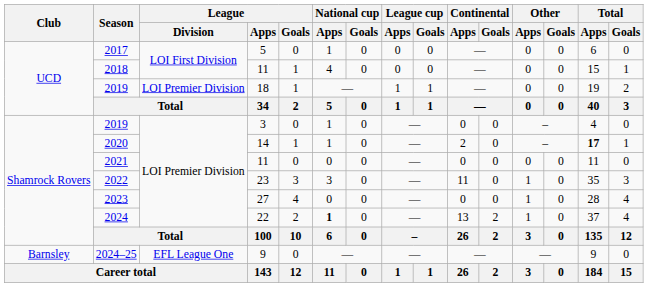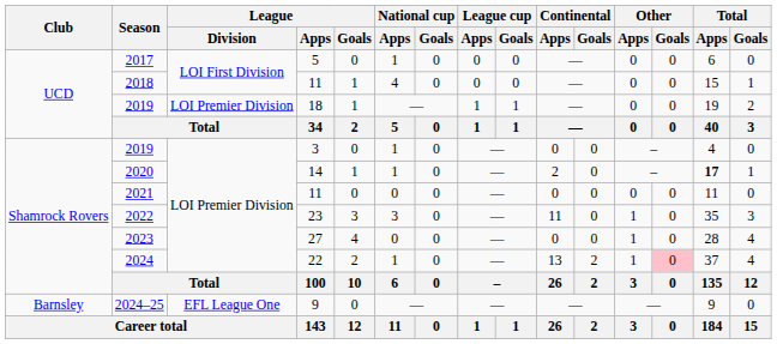 <table class="wikitable" style="text-align: center;">
 <tr>
 <th rowspan="2">Club</th>
 <th rowspan="2">Season</th>
 <th colspan="3">League</th>
 <th colspan="2">National cup</th>
 <th colspan="2">League cup</th>
 <th colspan="2">Continental</th>
 <th colspan="2">Other</th>
 <th colspan="2">Total</th>
 </tr>
 <tr>
 <th>Division</th>
 <th>Apps</th>
 <th>Goals</th>
 <th>Apps</th>
 <th>Goals</th>
 <th>Apps</th>
 <th>Goals</th>
 <th>Apps</th>
 <th>Goals</th>
 <th>Apps</th>
 <th>Goals</th>
 <th>Apps</th>
 <th>Goals</th>
 </tr>
 <tr>
 <td rowspan="4"><a href='#'>UCD</a></td>
 <td><a href='#'>2017</a></td>
 <td rowspan="2"><a href='#'>LOI First Division</a></td>
 <td>5</td>
 <td>0</td>
 <td>1</td>
 <td>0</td>
 <td>0</td>
 <td>0</td>
 <td colspan="2">—</td>
 <td>0</td>
 <td>0</td>
 <td>6</td>
 <td>0</td>
 </tr>
 <tr>
 <td><a href='#'>2018</a></td>
 <td>11</td>
 <td>1</td>
 <td>4</td>
 <td>0</td>
 <td>0</td>
 <td>0</td>
 <td colspan="2">—</td>
 <td>0</td>
 <td>0</td>
 <td>15</td>
 <td>1</td>
 </tr>
 <tr>
 <td><a href='#'>2019</a></td>
 <td><a href='#'>LOI Premier Division</a></td>
 <td>18</td>
 <td>1</td>
 <td colspan="2">—</td>
 <td>1</td>
 <td>1</td>
 <td colspan="2">—</td>
 <td>0</td>
 <td>0</td>
 <td>19</td>
 <td>2</td>
 </tr>
 <tr>
 <th colspan="2">Total</th>
 <th>34</th>
 <th>2</th>
 <th>5</th>
 <th>0</th>
 <th>1</th>
 <th>1</th>
 <th colspan="2">—</th>
 <th>0</th>
 <th>0</th>
 <th>40</th>
 <th>3</th>
 </tr>
 <tr>
 <td rowspan="7"><a href='#'>Shamrock Rovers</a></td>
 <td><a href='#'>2019</a></td>
 <td rowspan="6">LOI Premier Division</td>
 <td>3</td>
 <td>0</td>
 <td>1</td>
 <td>0</td>
 <td colspan="2">—</td>
 <td>0</td>
 <td>0</td>
 <td colspan="2">–</td>
 <td>4</td>
 <td>0</td>
 </tr>
 <tr>
 <td><a href='#'>2020</a></td>
 <td>14</td>
 <td>1</td>
 <td>1</td>
 <td>0</td>
 <td colspan="2">—</td>
 <td>2</td>
 <td>0</td>
 <td colspan="2">–</td>
 <td><strong>17</strong></td>
 <td>1</td>
 </tr>
 <tr>
 <td><a href='#'>2021</a></td>
 <td>11</td>
 <td>0</td>
 <td>0</td>
 <td>0</td>
 <td colspan="2">—</td>
 <td>0</td>
 <td>0</td>
 <td>0</td>
 <td>0</td>
 <td>11</td>
 <td>0</td>
 </tr>
 <tr>
 <td><a href='#'>2022</a></td>
 <td>23</td>
 <td>3</td>
 <td>3</td>
 <td>0</td>
 <td colspan="2">—</td>
 <td>11</td>
 <td>0</td>
 <td>1</td>
 <td>0</td>
 <td>35</td>
 <td>3</td>
 </tr>
 <tr>
 <td><a href='#'>2023</a></td>
 <td>27</td>
 <td>4</td>
 <td>0</td>
 <td>0</td>
 <td colspan="2">—</td>
 <td>0</td>
 <td>0</td>
 <td>1</td>
 <td>0</td>
 <td>28</td>
 <td>4</td>
 </tr>
 <tr>
 <td><a href='#'>2024</a></td>
 <td>22</td>
 <td>2</td>
-<td><strong>1</strong></td>
+<td>1</td>
 <td>0</td>
 <td colspan="2">—</td>
 <td>13</td>
 <td>2</td>
 <td>1</td>
-<td>0</td>
+<td style="background: pink;">0</td>
 <td>37</td>
 <td>4</td>
 </tr>
 <tr>
 <th colspan="2">Total</th>
 <th>100</th>
 <th>10</th>
 <th>6</th>
 <th>0</th>
 <th colspan="2">–</th>
 <th>26</th>
 <th>2</th>
 <th>3</th>
 <th>0</th>
 <th>135</th>
 <th>12</th>
 </tr>
 <tr>
 <td><a href='#'>Barnsley</a></td>
 <td><a href='#'>2024–25</a></td>
 <td><a href='#'>EFL League One</a></td>
 <td>9</td>
 <td>0</td>
 <td colspan="2">—</td>
 <td colspan="2">—</td>
 <td colspan="2">—</td>
 <td colspan="2">—</td>
 <td>9</td>
 <td>0</td>
 </tr>
 <tr>
 <th colspan="3">Career total</th>
 <th>143</th>
 <th>12</th>
 <th>11</th>
 <th>0</th>
 <th>1</th>
 <th>1</th>
 <th>26</th>
 <th>2</th>
 <th>3</th>
 <th>0</th>
 <th>184</th>
 <th>15</th>
 </tr>
 </table>
